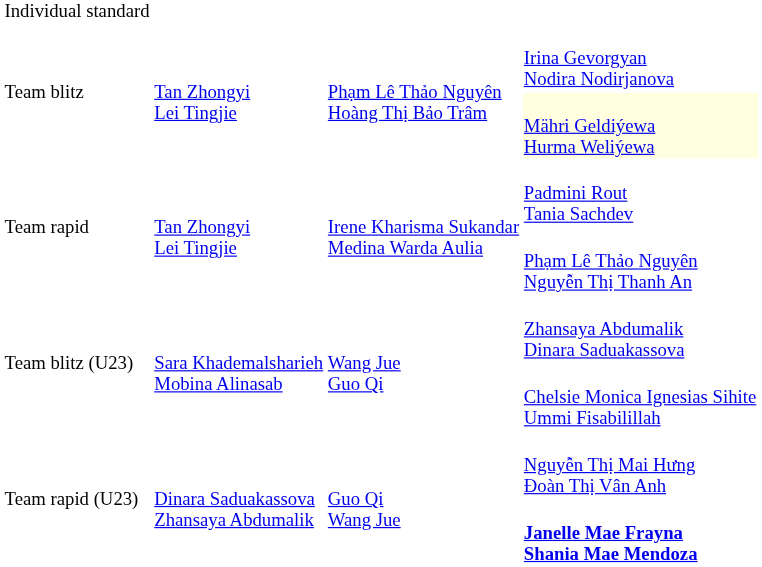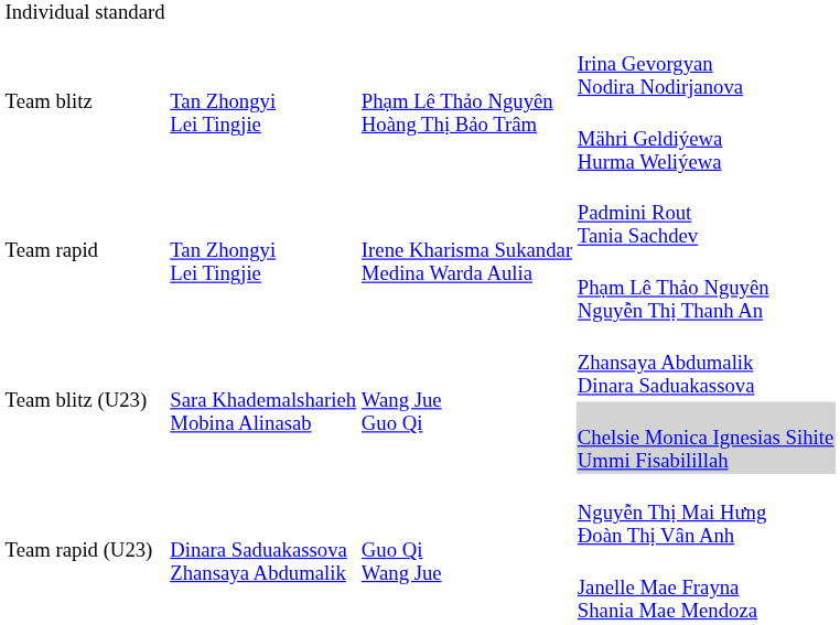 <table>
 <tr>
 <td>Individual standard</td>
 <td></td>
 <td></td>
 <td></td>
 </tr>
 <tr>
 <td rowspan=2>Team blitz</td>
 <td rowspan=2><br><a href='#'>Tan Zhongyi</a><br><a href='#'>Lei Tingjie</a></td>
 <td rowspan=2><br><a href='#'>Phạm Lê Thảo Nguyên</a><br><a href='#'>Hoàng Thị Bảo Trâm</a></td>
 <td><br><a href='#'>Irina Gevorgyan</a><br><a href='#'>Nodira Nodirjanova</a></td>
 </tr>
 <tr>
-<td style="background: lightyellow;"><br><a href='#'>Mähri Geldiýewa</a><br><a href='#'>Hurma Weliýewa</a></td>
+<td><br><a href='#'>Mähri Geldiýewa</a><br><a href='#'>Hurma Weliýewa</a></td>
 </tr>
 <tr>
 <td rowspan=2>Team rapid</td>
 <td rowspan=2><br><a href='#'>Tan Zhongyi</a><br><a href='#'>Lei Tingjie</a></td>
 <td rowspan=2><br><a href='#'>Irene Kharisma Sukandar</a><br><a href='#'>Medina Warda Aulia</a></td>
 <td><br><a href='#'>Padmini Rout</a><br><a href='#'>Tania Sachdev</a></td>
 </tr>
 <tr>
 <td><br><a href='#'>Phạm Lê Thảo Nguyên</a><br><a href='#'>Nguyễn Thị Thanh An</a></td>
 </tr>
 <tr>
 <td rowspan=2>Team blitz (U23)</td>
 <td rowspan=2><br><a href='#'>Sara Khademalsharieh</a><br><a href='#'>Mobina Alinasab</a></td>
 <td rowspan=2><br><a href='#'>Wang Jue</a><br><a href='#'>Guo Qi</a></td>
 <td><br><a href='#'>Zhansaya Abdumalik</a><br><a href='#'>Dinara Saduakassova</a></td>
 </tr>
 <tr>
-<td><br><a href='#'>Chelsie Monica Ignesias Sihite</a><br><a href='#'>Ummi Fisabilillah</a></td>
+<td style="background: lightgrey;"><br><a href='#'>Chelsie Monica Ignesias Sihite</a><br><a href='#'>Ummi Fisabilillah</a></td>
 </tr>
 <tr>
 <td rowspan=2>Team rapid (U23)</td>
 <td rowspan=2><br><a href='#'>Dinara Saduakassova</a><br><a href='#'>Zhansaya Abdumalik</a></td>
 <td rowspan=2><br><a href='#'>Guo Qi</a><br><a href='#'>Wang Jue</a></td>
 <td><br><a href='#'>Nguyễn Thị Mai Hưng</a><br><a href='#'>Đoàn Thị Vân Anh</a></td>
 </tr>
 <tr>
-<td><strong><br><a href='#'>Janelle Mae Frayna</a><br><a href='#'>Shania Mae Mendoza</a></strong></td>
+<td><br><a href='#'>Janelle Mae Frayna</a><br><a href='#'>Shania Mae Mendoza</a></td>
 </tr>
 </table>
